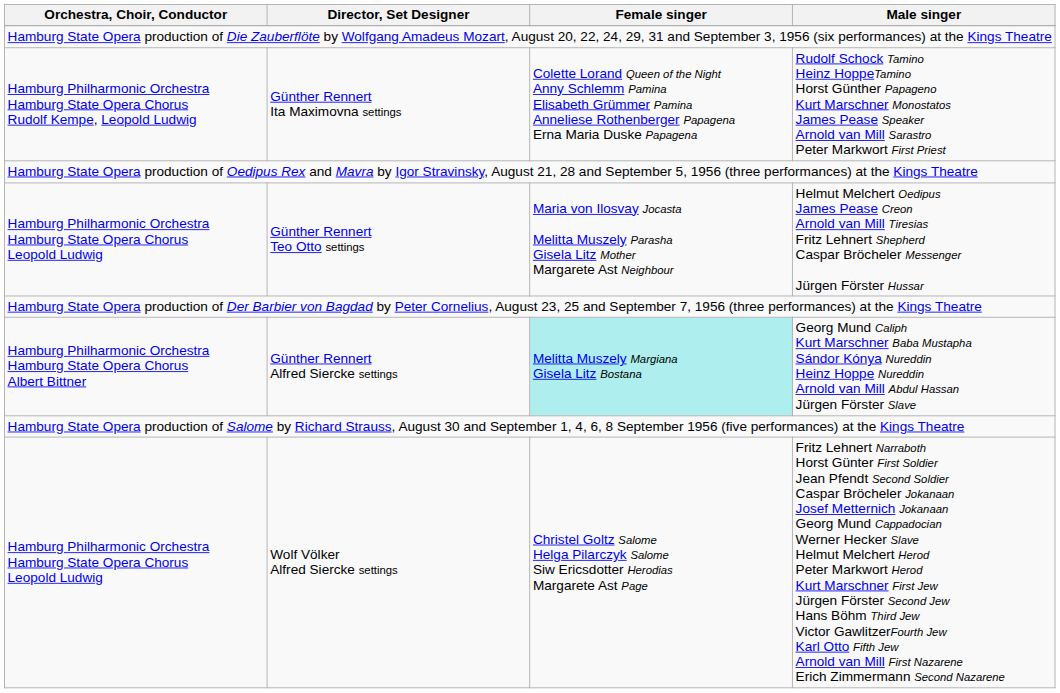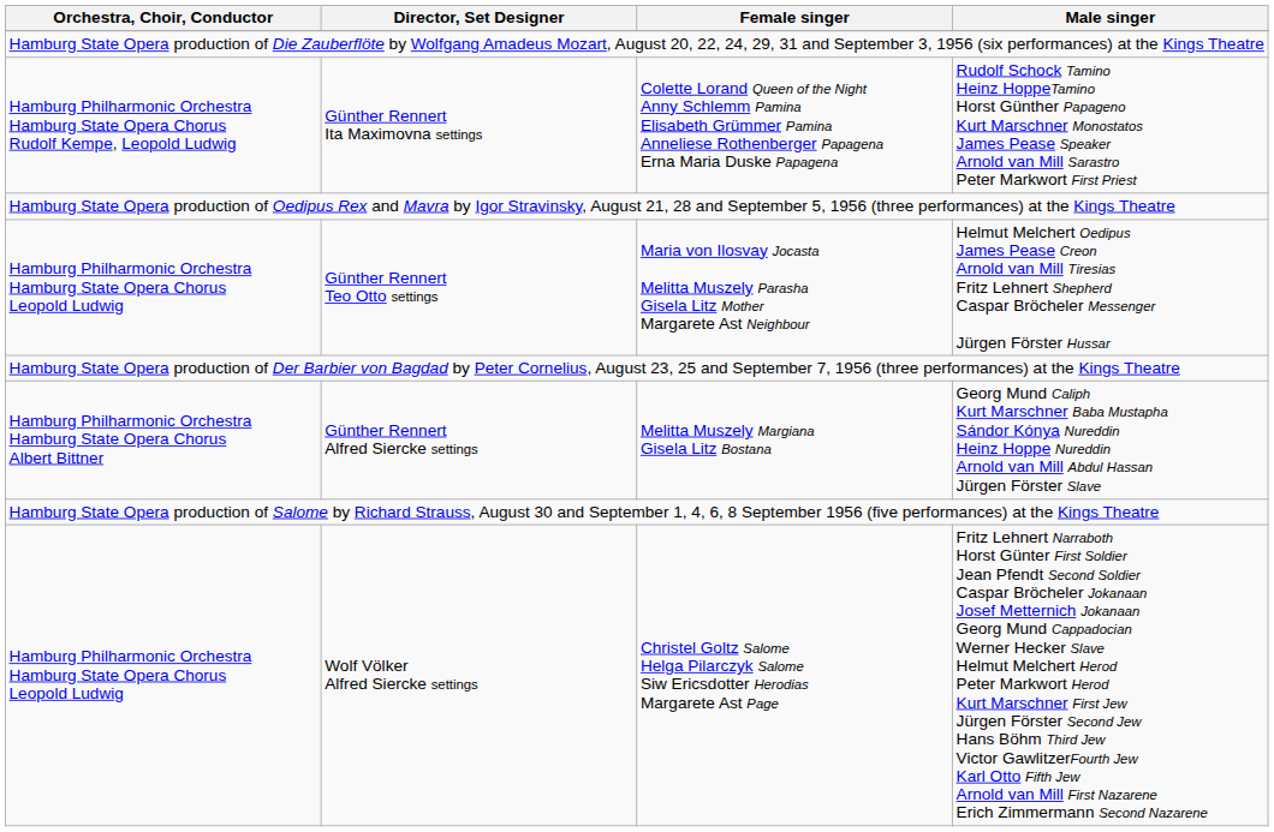 <table class="wikitable toptextcells">
 <tr class="hintergrundfarbe5">
 <th style="width:25%;">Orchestra, Choir, Conductor</th>
 <th style="width:25%;">Director, Set Designer</th>
 <th style="width:25%;">Female singer</th>
 <th style="width:25%;">Male singer</th>
 </tr>
 <tr>
 </tr>
 <tr class="hintergrundfarbe8">
 <td colspan="9"><a href='#'>Hamburg State Opera</a> production of <em><a href='#'>Die Zauberflöte</a></em> by <a href='#'>Wolfgang Amadeus Mozart</a>, August 20, 22, 24, 29, 31 and September 3, 1956 (six performances) at the <a href='#'>Kings Theatre</a></td>
 </tr>
 <tr>
 <td><a href='#'>Hamburg Philharmonic Orchestra</a><br><a href='#'>Hamburg State Opera Chorus</a><br><a href='#'>Rudolf Kempe</a>, <a href='#'>Leopold Ludwig</a></td>
 <td><a href='#'>Günther Rennert</a><br>Ita Maximovna <small>settings</small></td>
 <td><a href='#'>Colette Lorand</a> <small><em>Queen of the Night</em></small><br><a href='#'>Anny Schlemm</a> <small><em>Pamina</em></small><br><a href='#'>Elisabeth Grümmer</a> <small><em>Pamina</em></small><br><a href='#'>Anneliese Rothenberger</a> <small><em>Papagena</em></small><br>Erna Maria Duske <small><em>Papagena</em></small><br></td>
 <td><a href='#'>Rudolf Schock</a> <small><em>Tamino</em></small><br><a href='#'>Heinz Hoppe</a><small><em>Tamino</em></small><br>Horst Günther <small><em>Papageno</em></small><br><a href='#'>Kurt Marschner</a> <small><em>Monostatos</em></small><br><a href='#'>James Pease</a> <small><em>Speaker</em></small><br><a href='#'>Arnold van Mill</a> <small><em>Sarastro</em></small><br>Peter Markwort <small><em>First Priest</em></small></td>
 </tr>
 <tr>
 <td colspan="9"><a href='#'>Hamburg State Opera</a> production of <em><a href='#'>Oedipus Rex</a></em> and <em><a href='#'>Mavra</a></em> by <a href='#'>Igor Stravinsky</a>, August 21, 28 and September 5, 1956 (three performances) at the <a href='#'>Kings Theatre</a></td>
 </tr>
 <tr>
 <td><a href='#'>Hamburg Philharmonic Orchestra</a><br><a href='#'>Hamburg State Opera Chorus</a><br><a href='#'>Leopold Ludwig</a></td>
 <td><a href='#'>Günther Rennert</a><br><a href='#'>Teo Otto</a> <small>settings</small></td>
 <td><a href='#'>Maria von Ilosvay</a> <small><em>Jocasta</em></small><br><br><a href='#'>Melitta Muszely</a> <small><em>Parasha</em></small><br><a href='#'>Gisela Litz</a> <small><em>Mother</em></small><br>Margarete Ast <small><em>Neighbour</em></small></td>
 <td>Helmut Melchert <small><em>Oedipus</em></small><br><a href='#'>James Pease</a> <small><em>Creon</em></small><br><a href='#'>Arnold van Mill</a> <small><em>Tiresias</em></small><br>Fritz Lehnert <small><em>Shepherd</em></small><br>Caspar Bröcheler <small><em>Messenger</em></small><br><br>Jürgen Förster <small><em>Hussar</em></small></td>
 </tr>
 <tr class="hintergrundfarbe8">
 <td colspan="9"><a href='#'>Hamburg State Opera</a> production of <em><a href='#'>Der Barbier von Bagdad</a></em> by <a href='#'>Peter Cornelius</a>, August 23, 25 and September 7, 1956 (three performances) at the <a href='#'>Kings Theatre</a></td>
 </tr>
 <tr>
 <td><a href='#'>Hamburg Philharmonic Orchestra</a><br><a href='#'>Hamburg State Opera Chorus</a><br><a href='#'>Albert Bittner</a></td>
 <td><a href='#'>Günther Rennert</a><br>Alfred Siercke <small>settings</small></td>
-<td style="background: paleturquoise;"><a href='#'>Melitta Muszely</a> <small><em>Margiana</em></small><br><a href='#'>Gisela Litz</a> <small><em>Bostana</em></small></td>
+<td><a href='#'>Melitta Muszely</a> <small><em>Margiana</em></small><br><a href='#'>Gisela Litz</a> <small><em>Bostana</em></small></td>
 <td>Georg Mund <small><em>Caliph</em></small><br><a href='#'>Kurt Marschner</a> <small><em>Baba Mustapha</em></small><br><a href='#'>Sándor Kónya</a> <small><em>Nureddin</em></small><br><a href='#'>Heinz Hoppe</a> <small><em>Nureddin</em></small><br><a href='#'>Arnold van Mill</a> <small><em>Abdul Hassan</em></small><br>Jürgen Förster <small><em>Slave</em></small></td>
 </tr>
 <tr class="hintergrundfarbe8">
 <td colspan="9"><a href='#'>Hamburg State Opera</a> production of <em><a href='#'>Salome</a></em> by <a href='#'>Richard Strauss</a>, August 30 and September 1, 4, 6, 8 September 1956 (five performances) at the <a href='#'>Kings Theatre</a></td>
 </tr>
 <tr>
 <td><a href='#'>Hamburg Philharmonic Orchestra</a><br><a href='#'>Hamburg State Opera Chorus</a><br><a href='#'>Leopold Ludwig</a></td>
 <td>Wolf Völker<br>Alfred Siercke <small>settings</small></td>
 <td><a href='#'>Christel Goltz</a> <small><em>Salome</em></small><br><a href='#'>Helga Pilarczyk</a> <small><em>Salome</em></small><br>Siw Ericsdotter <small><em>Herodias</em></small><br>Margarete Ast <small><em>Page</em></small></td>
 <td>Fritz Lehnert <small><em>Narraboth</em></small><br>Horst Günter <small><em>First Soldier</em></small><br>Jean Pfendt <small><em>Second Soldier</em></small><br>Caspar Bröcheler <small><em>Jokanaan</em></small><br><a href='#'>Josef Metternich</a> <small><em>Jokanaan</em></small><br>Georg Mund <small><em>Cappadocian</em></small><br>Werner Hecker <small><em>Slave</em></small><br>Helmut Melchert  <small><em>Herod</em></small><br>Peter Markwort <small><em>Herod</em></small><br><a href='#'>Kurt Marschner</a> <small><em>First Jew</em></small><br>Jürgen Förster <small><em>Second Jew</em></small><br>Hans Böhm <small><em>Third Jew</em></small><br>Victor Gawlitzer<small><em>Fourth Jew</em></small><br><a href='#'>Karl Otto</a> <small><em>Fifth Jew</em></small><br><a href='#'>Arnold van Mill</a> <small><em>First Nazarene</em></small><br>Erich Zimmermann <small><em>Second Nazarene</em></small></td>
 </tr>
 </table>
